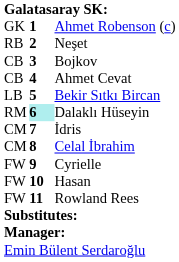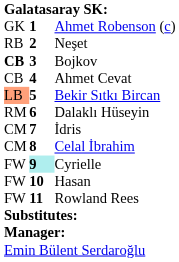 <table style="font-size: 90%" cellspacing="0" cellpadding="0">
 <tr>
 <td colspan="4"><strong>Galatasaray SK:</strong></td>
 </tr>
 <tr>
 <th width="25"></th>
 <th width="25"></th>
 </tr>
 <tr>
 <td>GK</td>
 <td><strong>1</strong></td>
 <td> <a href='#'>Ahmet Robenson</a> (<a href='#'>c</a>)</td>
 </tr>
 <tr>
 <td>RB</td>
 <td><strong>2</strong></td>
 <td> Neşet</td>
 </tr>
 <tr>
-<td>CB</td>
+<td><strong>CB</strong></td>
 <td><strong>3</strong></td>
 <td> Bojkov</td>
 </tr>
 <tr>
 <td>CB</td>
 <td><strong>4</strong></td>
 <td> Ahmet Cevat</td>
 </tr>
 <tr>
-<td>LB</td>
+<td style="background: lightsalmon;">LB</td>
 <td><strong>5</strong></td>
 <td> <a href='#'>Bekir Sıtkı Bircan</a></td>
 </tr>
 <tr>
 <td>RM</td>
-<td style="background: paleturquoise;"><strong>6</strong></td>
+<td><strong>6</strong></td>
 <td> Dalaklı Hüseyin</td>
 </tr>
 <tr>
 <td>CM</td>
 <td><strong>7</strong></td>
 <td> İdris</td>
 </tr>
 <tr>
 <td>CM</td>
 <td><strong>8</strong></td>
 <td> <a href='#'>Celal İbrahim</a></td>
 </tr>
 <tr>
 <td>FW</td>
-<td><strong>9</strong></td>
+<td style="background: paleturquoise;"><strong>9</strong></td>
 <td> Cyrielle</td>
 </tr>
 <tr>
 <td>FW</td>
 <td><strong>10</strong></td>
 <td> Hasan</td>
 </tr>
 <tr>
 <td>FW</td>
 <td><strong>11</strong></td>
 <td> Rowland Rees</td>
 </tr>
 <tr>
 <td colspan=4><strong>Substitutes:</strong></td>
 </tr>
 <tr>
 <td colspan=4><strong>Manager:</strong></td>
 </tr>
 <tr>
 <td colspan="4"> <a href='#'>Emin Bülent Serdaroğlu</a></td>
 </tr>
 </table>
